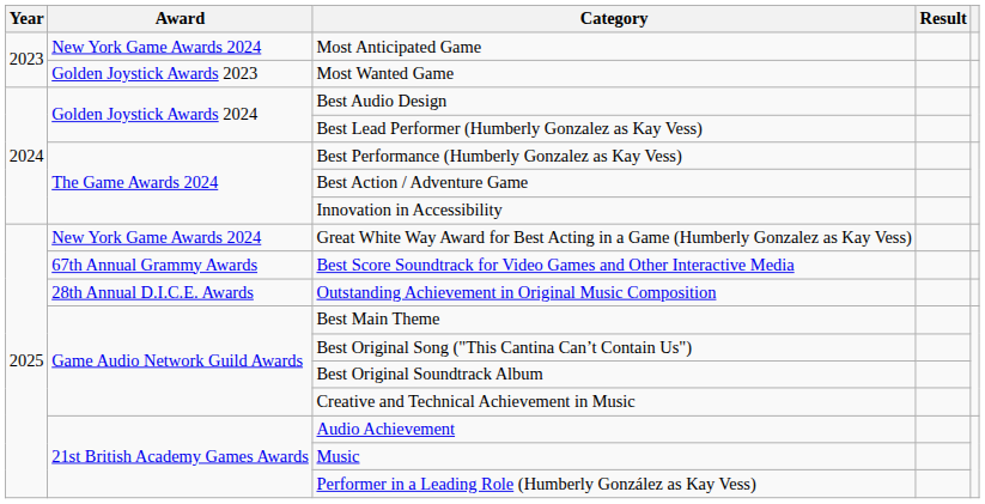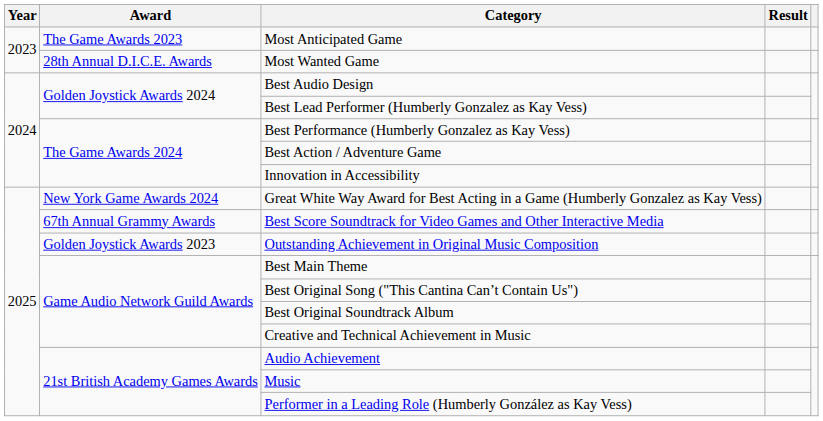 <table class="wikitable sortable">
 <tr>
 <th scope="col">Year</th>
 <th scope="col">Award</th>
 <th scope="col">Category</th>
 <th scope="col">Result</th>
 <th scope="col" class="unsortable"></th>
 </tr>
 <tr>
 <td rowspan="2" style="text-align:center;">2023</td>
-<td><a href='#'>New York Game Awards 2024</a></td>
+<td rowspan="1"><a href='#'>The Game Awards 2023</a></td>
 <td>Most Anticipated Game</td>
 <td></td>
 <td></td>
 </tr>
 <tr>
-<td rowspan="1"><a href='#'>Golden Joystick Awards</a> 2023</td>
+<td><a href='#'>28th Annual D.I.C.E. Awards</a></td>
 <td>Most Wanted Game</td>
 <td></td>
 <td></td>
 </tr>
 <tr>
 <td rowspan="5" style="text-align:center;">2024</td>
 <td rowspan="2"><a href='#'>Golden Joystick Awards</a> 2024</td>
 <td>Best Audio Design</td>
 <td></td>
 <td rowspan="2" style="text-align:center;"></td>
 </tr>
 <tr>
 <td>Best Lead Performer (Humberly Gonzalez as Kay Vess)</td>
 <td></td>
 </tr>
 <tr>
 <td rowspan="3"><a href='#'>The Game Awards 2024</a></td>
 <td>Best Performance (Humberly Gonzalez as Kay Vess)</td>
 <td></td>
 <td rowspan="3" style="text-align:center;"></td>
 </tr>
 <tr>
 <td>Best Action / Adventure Game</td>
 <td></td>
 </tr>
 <tr>
 <td>Innovation in Accessibility</td>
 <td></td>
 </tr>
 <tr>
 <td rowspan="10">2025</td>
 <td><a href='#'>New York Game Awards 2024</a></td>
 <td>Great White Way Award for Best Acting in a Game  (Humberly Gonzalez as Kay Vess)</td>
 <td></td>
 <td align="center"></td>
 </tr>
 <tr>
 <td><a href='#'>67th Annual Grammy Awards</a></td>
 <td><a href='#'>Best Score Soundtrack for Video Games and Other Interactive Media</a></td>
 <td></td>
 <td align="center"></td>
 </tr>
 <tr>
-<td><a href='#'>28th Annual D.I.C.E. Awards</a></td>
+<td rowspan="1"><a href='#'>Golden Joystick Awards</a> 2023</td>
 <td><a href='#'>Outstanding Achievement in Original Music Composition</a></td>
 <td></td>
 <td align="center"></td>
 </tr>
 <tr>
 <td rowspan="4"><a href='#'>Game Audio Network Guild Awards</a></td>
 <td>Best Main Theme</td>
 <td></td>
 <td rowspan="4" style="text-align:center;"></td>
 </tr>
 <tr>
 <td>Best Original Song ("This Cantina Can’t Contain Us")</td>
 <td></td>
 </tr>
 <tr>
 <td>Best Original Soundtrack Album</td>
 <td></td>
 </tr>
 <tr>
 <td>Creative and Technical Achievement in Music</td>
 <td></td>
 </tr>
 <tr>
 <td rowspan="3"><a href='#'>21st British Academy Games Awards</a></td>
 <td><a href='#'>Audio Achievement</a></td>
 <td></td>
 <td align="center" rowspan="3"></td>
 </tr>
 <tr>
 <td><a href='#'>Music</a></td>
 <td></td>
 </tr>
 <tr>
 <td><a href='#'>Performer in a Leading Role</a> (Humberly González as Kay Vess)</td>
 <td></td>
 </tr>
 </table>
